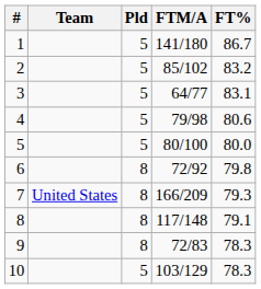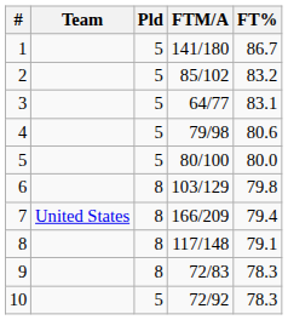 <table class=wikitable style="text-align:right; display:inline-table;">
 <tr>
 <th>#</th>
 <th>Team</th>
 <th>Pld</th>
 <th>FTM/A</th>
 <th>FT%</th>
 </tr>
 <tr>
 <td>1</td>
 <td align=left><strong></strong></td>
 <td>5</td>
 <td>141/180</td>
 <td>86.7</td>
 </tr>
 <tr>
 <td>2</td>
 <td align=left></td>
 <td>5</td>
 <td>85/102</td>
 <td>83.2</td>
 </tr>
 <tr>
 <td>3</td>
 <td align=left></td>
 <td>5</td>
 <td>64/77</td>
 <td>83.1</td>
 </tr>
 <tr>
 <td>4</td>
 <td align=left></td>
 <td>5</td>
 <td>79/98</td>
 <td>80.6</td>
 </tr>
 <tr>
 <td>5</td>
 <td align=left></td>
 <td>5</td>
 <td>80/100</td>
 <td>80.0</td>
 </tr>
 <tr>
 <td>6</td>
 <td align=left></td>
 <td>8</td>
-<td>72/92</td>
+<td>103/129</td>
 <td>79.8</td>
 </tr>
 <tr>
 <td>7</td>
 <td align=left> <a href='#'>United States</a></td>
 <td>8</td>
 <td>166/209</td>
-<td>79.3</td>
+<td>79.4</td>
 </tr>
 <tr>
 <td>8</td>
 <td align=left></td>
 <td>8</td>
 <td>117/148</td>
 <td>79.1</td>
 </tr>
 <tr>
 <td>9</td>
 <td align=left></td>
 <td>8</td>
 <td>72/83</td>
 <td>78.3</td>
 </tr>
 <tr>
 <td>10</td>
 <td align=left></td>
 <td>5</td>
-<td>103/129</td>
+<td>72/92</td>
 <td>78.3</td>
 </tr>
 </table>
